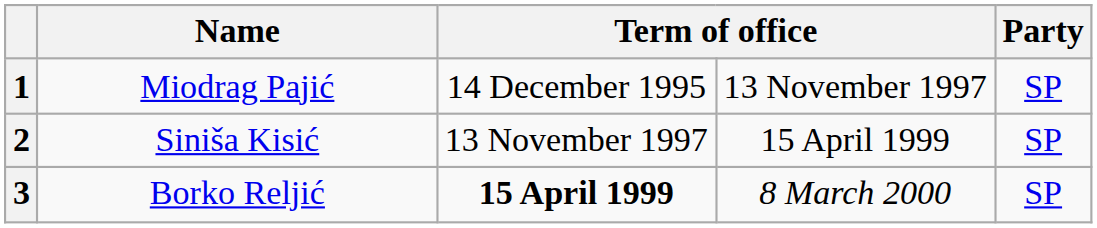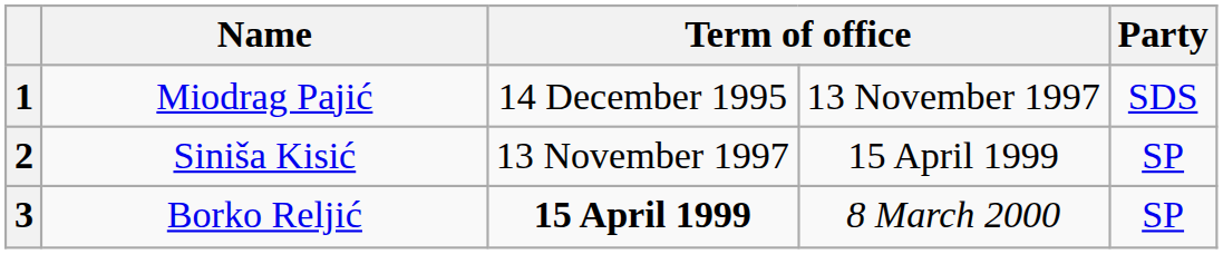 <table class="wikitable" style="text-align:center">
 <tr>
 <th></th>
 <th width=180>Name<br></th>
 <th colspan=2>Term of office</th>
 <th>Party</th>
 </tr>
 <tr>
 <th style="background:">1</th>
 <td><a href='#'>Miodrag Pajić</a><br></td>
 <td>14 December 1995</td>
 <td>13 November 1997</td>
-<td><a href='#'>SP</a></td>
+<td><a href='#'>SDS</a></td>
 </tr>
 <tr>
 <th style="background:">2</th>
 <td><a href='#'>Siniša Kisić</a><br></td>
 <td>13 November 1997</td>
 <td>15 April 1999</td>
 <td><a href='#'>SP</a></td>
 </tr>
 <tr>
 <th style="background:">3</th>
 <td><a href='#'>Borko Reljić</a><br></td>
 <td><strong>15 April 1999</strong></td>
 <td><em>8 March 2000</em></td>
 <td><a href='#'>SP</a></td>
 </tr>
 </table>
